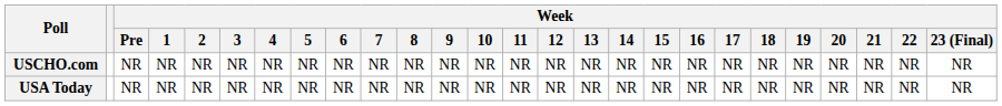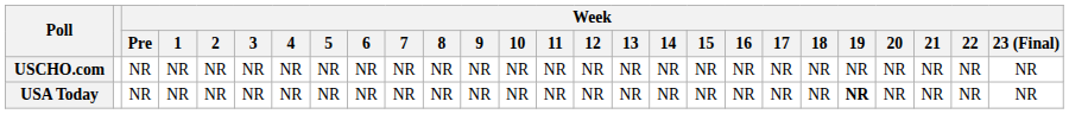 <table class="wikitable" style="white-space:nowrap;">
 <tr>
 <th scope="col" width="100" rowspan="2">Poll</th>
 <th rowspan="2"></th>
 <th colspan="25">Week</th>
 </tr>
 <tr>
 <th scope="col" width="30">Pre</th>
 <th scope="col" width="30">1</th>
 <th scope="col" width="30">2</th>
 <th scope="col" width="30">3</th>
 <th scope="col" width="30">4</th>
 <th scope="col" width="30">5</th>
 <th scope="col" width="30">6</th>
 <th scope="col" width="30">7</th>
 <th scope="col" width="30">8</th>
 <th scope="col" width="30">9</th>
 <th scope="col" width="30">10</th>
 <th scope="col" width="30">11</th>
 <th scope="col" width="30">12</th>
 <th scope="col" width="30">13</th>
 <th scope="col" width="30">14</th>
 <th scope="col" width="30">15</th>
 <th scope="col" width="30">16</th>
 <th scope="col" width="30">17</th>
 <th scope="col" width="30">18</th>
 <th scope="col" width="30">19</th>
 <th scope="col" width="30">20</th>
 <th scope="col" width="30">21</th>
 <th scope="col" width="30">22</th>
 <th scope="col" width="30">23 (Final)</th>
 </tr>
 <tr style="text-align:center;">
 <th>USCHO.com</th>
 <td bgcolor=FFFFFF></td>
 <td bgcolor=FFFFFF>NR</td>
 <td bgcolor=FFFFFF>NR</td>
 <td bgcolor=FFFFFF>NR</td>
 <td bgcolor=FFFFFF>NR</td>
 <td bgcolor=FFFFFF>NR</td>
 <td bgcolor=FFFFFF>NR</td>
 <td bgcolor=FFFFFF>NR</td>
 <td bgcolor=FFFFFF>NR</td>
 <td bgcolor=FFFFFF>NR</td>
 <td bgcolor=FFFFFF>NR</td>
 <td bgcolor=FFFFFF>NR</td>
 <td bgcolor=FFFFFF>NR</td>
 <td bgcolor=FFFFFF>NR</td>
 <td bgcolor=FFFFFF>NR</td>
 <td bgcolor=FFFFFF>NR</td>
 <td bgcolor=FFFFFF>NR</td>
 <td bgcolor=FFFFFF>NR</td>
 <td bgcolor=FFFFFF>NR</td>
 <td bgcolor=FFFFFF>NR</td>
 <td bgcolor=FFFFFF>NR</td>
 <td bgcolor=FFFFFF>NR</td>
 <td bgcolor=FFFFFF>NR</td>
 <td bgcolor=FFFFFF>NR</td>
 <td bgcolor=FFFFFF>NR</td>
 </tr>
 <tr style="text-align:center;">
 <th>USA Today</th>
 <td bgcolor=FFFFFF></td>
 <td bgcolor=FFFFFF>NR</td>
 <td bgcolor=FFFFFF>NR</td>
 <td bgcolor=FFFFFF>NR</td>
 <td bgcolor=FFFFFF>NR</td>
 <td bgcolor=FFFFFF>NR</td>
 <td bgcolor=FFFFFF>NR</td>
 <td bgcolor=FFFFFF>NR</td>
 <td bgcolor=FFFFFF>NR</td>
 <td bgcolor=FFFFFF>NR</td>
 <td bgcolor=FFFFFF>NR</td>
 <td bgcolor=FFFFFF>NR</td>
 <td bgcolor=FFFFFF>NR</td>
 <td bgcolor=FFFFFF>NR</td>
 <td bgcolor=FFFFFF>NR</td>
 <td bgcolor=FFFFFF>NR</td>
 <td bgcolor=FFFFFF>NR</td>
 <td bgcolor=FFFFFF>NR</td>
 <td bgcolor=FFFFFF>NR</td>
 <td bgcolor=FFFFFF>NR</td>
-<td bgcolor=FFFFFF>NR</td>
+<td bgcolor=FFFFFF><strong>NR</strong></td>
 <td bgcolor=FFFFFF>NR</td>
 <td bgcolor=FFFFFF>NR</td>
 <td bgcolor=FFFFFF>NR</td>
 <td bgcolor=FFFFFF>NR</td>
 </tr>
 </table>
